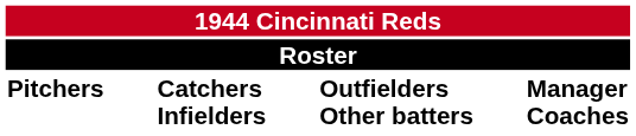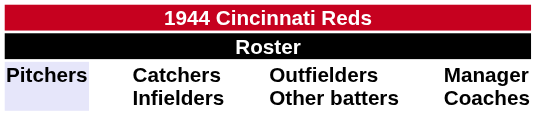 <table class="toccolours" style="font-size: 95%;">
 <tr>
 <th colspan="10" style="background-color: #c6011f; color: white; text-align: center;">1944 Cincinnati Reds</th>
 </tr>
 <tr>
 <td colspan="10" style="background-color: black; color: white; text-align: center;"><strong>Roster</strong></td>
 </tr>
 <tr>
-<td valign="top"><strong>Pitchers</strong><br>                </td>
+<td valign="top" style="background: lavender;"><strong>Pitchers</strong><br>                </td>
 <td width="25px"></td>
 <td valign="top"><strong>Catchers</strong><br>    <strong>Infielders</strong>        </td>
 <td width="25px"></td>
 <td valign="top"><strong>Outfielders</strong><br>        <strong>Other batters</strong>  </td>
 <td width="25px"></td>
 <td valign="top"><strong>Manager</strong><br> <strong>Coaches</strong>   </td>
 </tr>
 </table>
